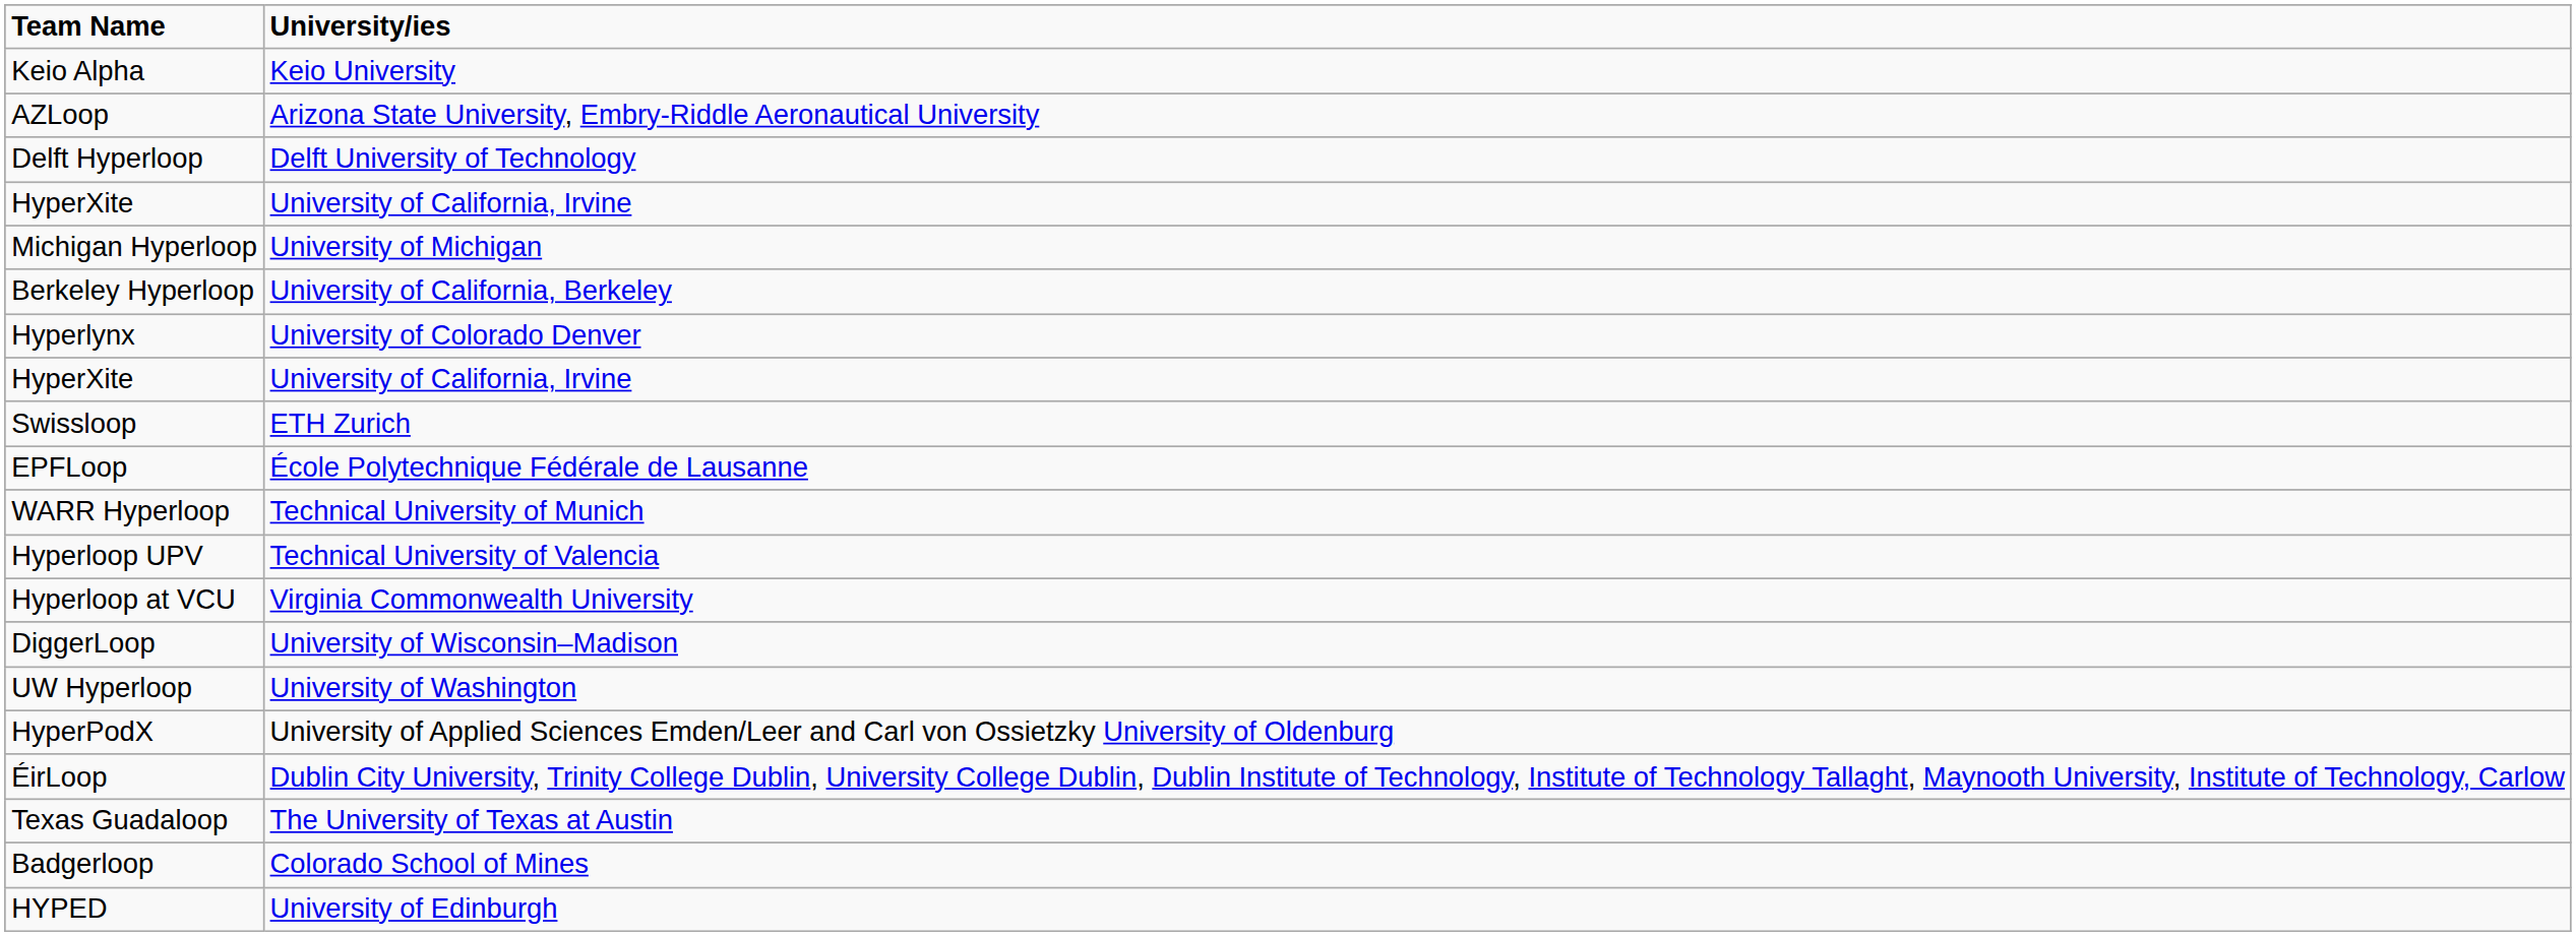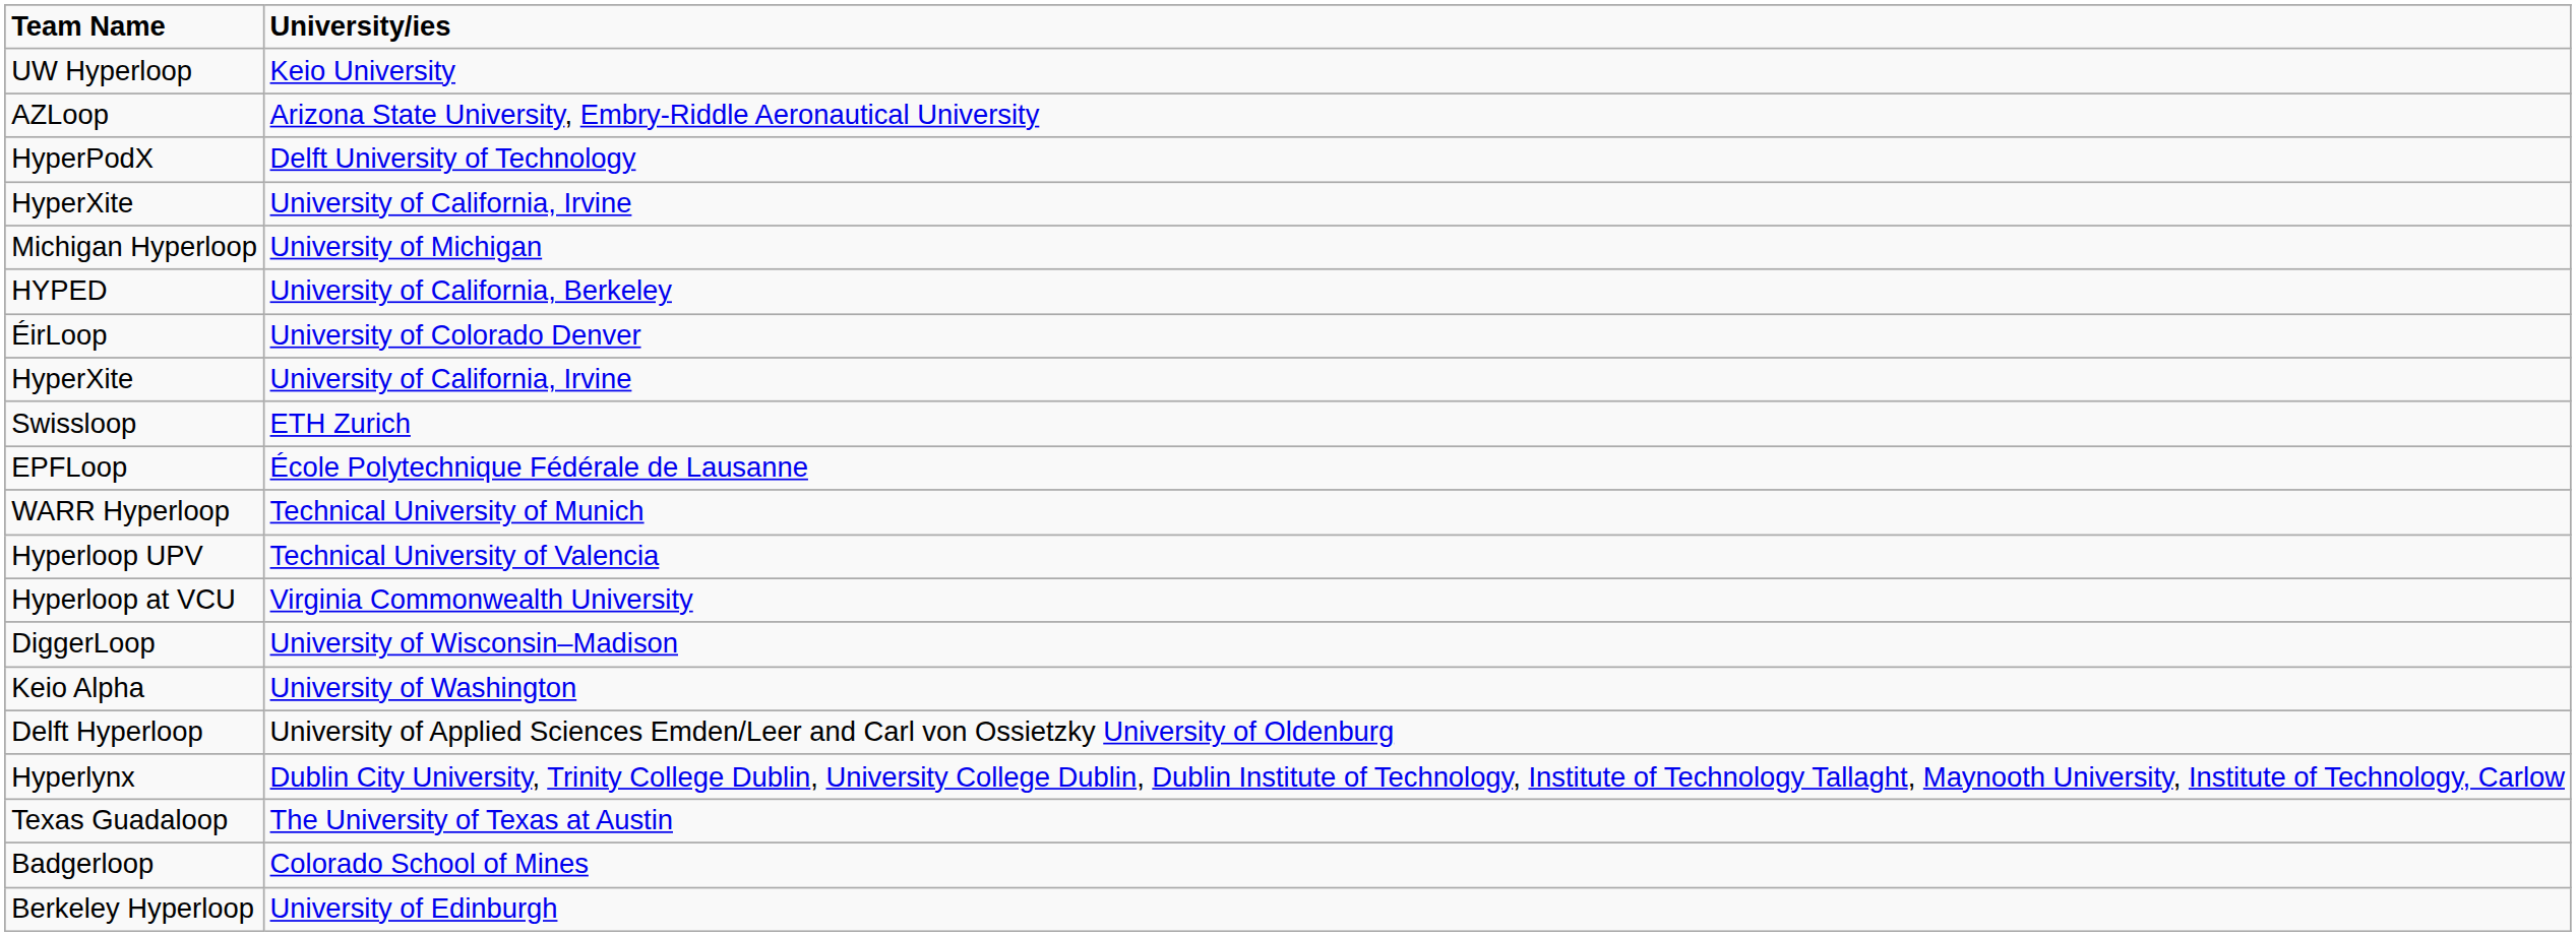 <table class="wikitable">
 <tr>
 <td><strong>Team Name</strong></td>
 <td><strong>University/ies</strong></td>
 </tr>
 <tr>
-<td>Keio Alpha</td>
+<td>UW Hyperloop</td>
 <td><a href='#'>Keio University</a></td>
 </tr>
 <tr>
 <td>AZLoop</td>
 <td><a href='#'>Arizona State University</a>, <a href='#'>Embry-Riddle Aeronautical University</a></td>
 </tr>
 <tr>
-<td>Delft Hyperloop</td>
+<td>HyperPodX</td>
 <td><a href='#'>Delft University of Technology</a></td>
 </tr>
 <tr>
 <td>HyperXite</td>
 <td><a href='#'>University of California, Irvine</a></td>
 </tr>
 <tr>
 <td>Michigan Hyperloop</td>
 <td><a href='#'>University of Michigan</a></td>
 </tr>
 <tr>
-<td>Berkeley Hyperloop</td>
+<td>HYPED</td>
 <td><a href='#'>University of California, Berkeley</a></td>
 </tr>
 <tr>
-<td>Hyperlynx</td>
+<td>ÉirLoop</td>
 <td><a href='#'>University of Colorado Denver</a></td>
 </tr>
 <tr>
 <td>HyperXite</td>
 <td><a href='#'>University of California, Irvine</a></td>
 </tr>
 <tr>
 <td>Swissloop</td>
 <td><a href='#'>ETH Zurich</a></td>
 </tr>
 <tr>
 <td>EPFLoop</td>
 <td><a href='#'>École Polytechnique Fédérale de Lausanne</a></td>
 </tr>
 <tr>
 <td>WARR Hyperloop</td>
 <td><a href='#'>Technical University of Munich</a></td>
 </tr>
 <tr>
 <td>Hyperloop UPV</td>
 <td><a href='#'>Technical University of Valencia</a></td>
 </tr>
 <tr>
 <td>Hyperloop at VCU</td>
 <td><a href='#'>Virginia Commonwealth University</a></td>
 </tr>
 <tr>
 <td>DiggerLoop</td>
 <td><a href='#'>University of Wisconsin–Madison</a></td>
 </tr>
 <tr>
-<td>UW Hyperloop</td>
+<td>Keio Alpha</td>
 <td><a href='#'>University of Washington</a></td>
 </tr>
 <tr>
-<td>HyperPodX</td>
+<td>Delft Hyperloop</td>
 <td>University of Applied Sciences Emden/Leer and Carl von Ossietzky <a href='#'>University of Oldenburg</a></td>
 </tr>
 <tr>
-<td>ÉirLoop</td>
+<td>Hyperlynx</td>
 <td><a href='#'>Dublin City University</a>, <a href='#'>Trinity College Dublin</a>, <a href='#'>University College Dublin</a>, <a href='#'>Dublin Institute of Technology</a>, <a href='#'>Institute of Technology Tallaght</a>, <a href='#'>Maynooth University</a>, <a href='#'>Institute of Technology, Carlow</a></td>
 </tr>
 <tr>
 <td>Texas Guadaloop</td>
 <td><a href='#'>The University of Texas at Austin</a></td>
 </tr>
 <tr>
 <td>Badgerloop</td>
 <td><a href='#'>Colorado School of Mines</a></td>
 </tr>
 <tr>
-<td>HYPED</td>
+<td>Berkeley Hyperloop</td>
 <td><a href='#'>University of Edinburgh</a></td>
 </tr>
 </table>
